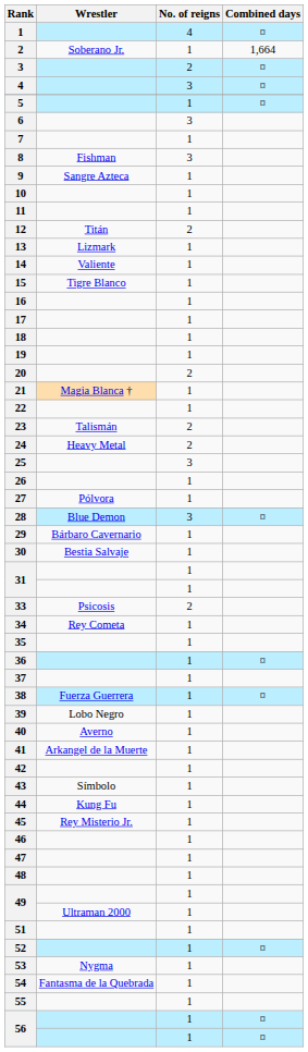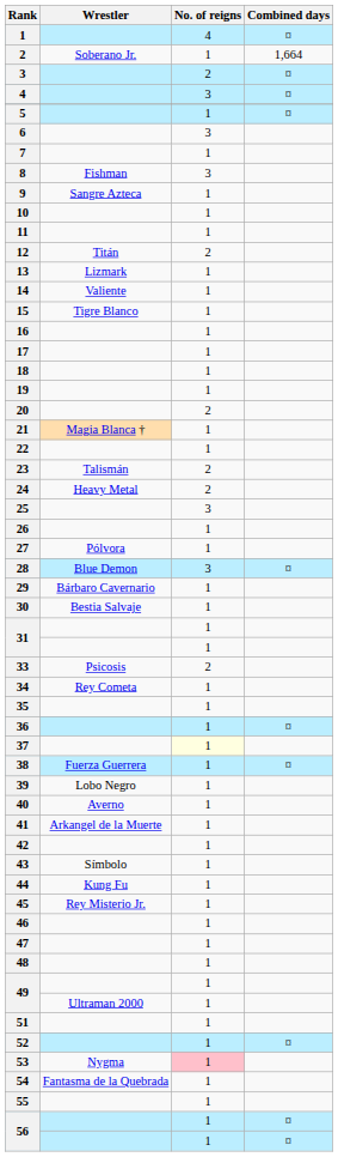 <table class="wikitable sortable" style="text-align: center">
 <tr>
 <th data-sort-type="number">Rank</th>
 <th>Wrestler</th>
 <th data-sort-type="number">No. of reigns</th>
 <th data-sort-type="number">Combined days</th>
 </tr>
 <tr style="background-color:#bbeeff">
 <th>1</th>
 <td></td>
 <td>4</td>
 <td>¤<br></td>
 </tr>
 <tr>
 <th>2</th>
 <td><a href='#'>Soberano Jr.</a></td>
 <td>1</td>
 <td>1,664</td>
 </tr>
 <tr style="background-color:#bbeeff">
 <th>3</th>
 <td></td>
 <td>2</td>
 <td>¤<br></td>
 </tr>
 <tr style="background-color:#bbeeff">
 <th>4</th>
 <td></td>
 <td>3</td>
 <td>¤<br></td>
 </tr>
 <tr>
 </tr>
 <tr style="background-color:#bbeeff">
 <th>5</th>
 <td></td>
 <td>1</td>
 <td>¤<br></td>
 </tr>
 <tr>
 <th>6</th>
 <td></td>
 <td>3</td>
 <td></td>
 </tr>
 <tr>
 <th>7</th>
 <td></td>
 <td>1</td>
 <td></td>
 </tr>
 <tr>
 <th>8</th>
 <td><a href='#'>Fishman</a></td>
 <td>3</td>
 <td></td>
 </tr>
 <tr>
 <th>9</th>
 <td><a href='#'>Sangre Azteca</a></td>
 <td>1</td>
 <td></td>
 </tr>
 <tr>
 <th>10</th>
 <td></td>
 <td>1</td>
 <td></td>
 </tr>
 <tr>
 <th>11</th>
 <td></td>
 <td>1</td>
 <td></td>
 </tr>
 <tr>
 <th>12</th>
 <td><a href='#'>Titán</a></td>
 <td>2</td>
 <td></td>
 </tr>
 <tr>
 <th>13</th>
 <td><a href='#'>Lizmark</a></td>
 <td>1</td>
 <td></td>
 </tr>
 <tr>
 <th>14</th>
 <td><a href='#'>Valiente</a></td>
 <td>1</td>
 <td></td>
 </tr>
 <tr>
 <th>15</th>
 <td><a href='#'>Tigre Blanco</a></td>
 <td>1</td>
 <td></td>
 </tr>
 <tr>
 <th>16</th>
 <td></td>
 <td>1</td>
 <td></td>
 </tr>
 <tr>
 <th>17</th>
 <td></td>
 <td>1</td>
 <td></td>
 </tr>
 <tr>
 <th>18</th>
 <td></td>
 <td>1</td>
 <td></td>
 </tr>
 <tr>
 <th>19</th>
 <td></td>
 <td>1</td>
 <td></td>
 </tr>
 <tr>
 <th>20</th>
 <td></td>
 <td>2</td>
 <td></td>
 </tr>
 <tr>
 <th>21</th>
 <td style="background: #ffdead;"><a href='#'>Magia Blanca</a> †</td>
 <td>1</td>
 <td></td>
 </tr>
 <tr>
 <th>22</th>
 <td></td>
 <td>1</td>
 <td></td>
 </tr>
 <tr>
 <th>23</th>
 <td><a href='#'>Talismán</a></td>
 <td>2</td>
 <td></td>
 </tr>
 <tr>
 <th>24</th>
 <td><a href='#'>Heavy Metal</a></td>
 <td>2</td>
 <td></td>
 </tr>
 <tr>
 <th>25</th>
 <td></td>
 <td>3</td>
 <td></td>
 </tr>
 <tr>
 <th>26</th>
 <td></td>
 <td>1</td>
 <td></td>
 </tr>
 <tr>
 <th>27</th>
 <td><a href='#'>Pólvora</a></td>
 <td>1</td>
 <td></td>
 </tr>
 <tr style="background-color:#bbeeff">
 <th>28</th>
 <td><a href='#'>Blue Demon</a></td>
 <td>3</td>
 <td>¤<br></td>
 </tr>
 <tr>
 <th>29</th>
 <td><a href='#'>Bárbaro Cavernario</a></td>
 <td>1</td>
 <td></td>
 </tr>
 <tr>
 <th>30</th>
 <td><a href='#'>Bestia Salvaje</a></td>
 <td>1</td>
 <td></td>
 </tr>
 <tr>
 <th rowspan=2 scope="row">31</th>
 <td></td>
 <td>1</td>
 <td></td>
 </tr>
 <tr>
 <td></td>
 <td>1</td>
 <td></td>
 </tr>
 <tr>
 <th>33</th>
 <td><a href='#'>Psicosis</a></td>
 <td>2</td>
 <td></td>
 </tr>
 <tr>
 <th>34</th>
 <td><a href='#'>Rey Cometa</a></td>
 <td>1</td>
 <td></td>
 </tr>
 <tr>
 <th>35</th>
 <td></td>
 <td>1</td>
 <td></td>
 </tr>
 <tr style="background-color:#bbeeff">
 <th>36</th>
 <td></td>
 <td>1</td>
 <td>¤<br></td>
 </tr>
 <tr>
 <th>37</th>
 <td></td>
-<td>1</td>
+<td style="background: lightyellow;">1</td>
 <td></td>
 </tr>
 <tr style="background-color:#bbeeff">
 <th>38</th>
 <td><a href='#'>Fuerza Guerrera</a></td>
 <td>1</td>
 <td>¤<br></td>
 </tr>
 <tr>
 <th>39</th>
 <td>Lobo Negro</td>
 <td>1</td>
 <td></td>
 </tr>
 <tr>
 <th>40</th>
 <td><a href='#'>Averno</a></td>
 <td>1</td>
 <td></td>
 </tr>
 <tr>
 <th>41</th>
 <td><a href='#'>Arkangel de la Muerte</a></td>
 <td>1</td>
 <td></td>
 </tr>
 <tr>
 <th>42</th>
 <td></td>
 <td>1</td>
 <td></td>
 </tr>
 <tr>
 <th>43</th>
 <td>Símbolo</td>
 <td>1</td>
 <td></td>
 </tr>
 <tr>
 <th>44</th>
 <td><a href='#'>Kung Fu</a></td>
 <td>1</td>
 <td></td>
 </tr>
 <tr>
 <th>45</th>
 <td><a href='#'>Rey Misterio Jr.</a></td>
 <td>1</td>
 <td></td>
 </tr>
 <tr>
 <th>46</th>
 <td></td>
 <td>1</td>
 <td></td>
 </tr>
 <tr>
 <th>47</th>
 <td></td>
 <td>1</td>
 <td></td>
 </tr>
 <tr>
 <th>48</th>
 <td></td>
 <td>1</td>
 <td></td>
 </tr>
 <tr>
 <th rowspan=2 scope="row">49</th>
 <td></td>
 <td>1</td>
 <td></td>
 </tr>
 <tr>
 <td><a href='#'>Ultraman 2000</a></td>
 <td>1</td>
 <td></td>
 </tr>
 <tr>
 <th>51</th>
 <td></td>
 <td>1</td>
 <td></td>
 </tr>
 <tr style="background-color:#bbeeff">
 <th>52</th>
 <td></td>
 <td>1</td>
 <td>¤<br></td>
 </tr>
 <tr>
 <th>53</th>
 <td><a href='#'>Nygma</a></td>
-<td>1</td>
+<td style="background: pink;">1</td>
 <td></td>
 </tr>
 <tr>
 <th>54</th>
 <td><a href='#'>Fantasma de la Quebrada</a></td>
 <td>1</td>
 <td></td>
 </tr>
 <tr>
 <th>55</th>
 <td></td>
 <td>1</td>
 <td></td>
 </tr>
 <tr style="background-color:#bbeeff">
 <th rowspan=2>56</th>
 <td></td>
 <td>1</td>
 <td>¤<br></td>
 </tr>
 <tr style="background-color:#bbeeff">
 <td></td>
 <td>1</td>
 <td>¤<br></td>
 </tr>
 </table>
